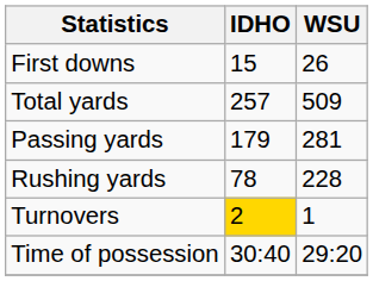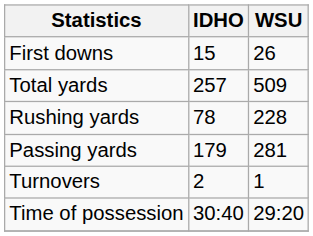 <table class="wikitable" style="float: left;">
 <tr>
 <th>Statistics</th>
 <th>IDHO</th>
 <th>WSU</th>
 </tr>
 <tr>
 <td>First downs</td>
 <td>15</td>
 <td>26</td>
 </tr>
 <tr>
 <td>Total yards</td>
 <td>257</td>
 <td>509</td>
 </tr>
 <tr>
+<td>Rushing yards</td>
+<td>78</td>
+<td>228</td>
+</tr>
+<tr>
 <td>Passing yards</td>
 <td>179</td>
 <td>281</td>
 </tr>
 <tr>
-<td>Rushing yards</td>
-<td>78</td>
-<td>228</td>
-</tr>
-<tr>
 <td>Turnovers</td>
-<td style="background: gold;">2</td>
+<td>2</td>
 <td>1</td>
 </tr>
 <tr>
 <td>Time of possession</td>
 <td>30:40</td>
 <td>29:20</td>
 </tr>
 <tr>
 </tr>
 </table>
